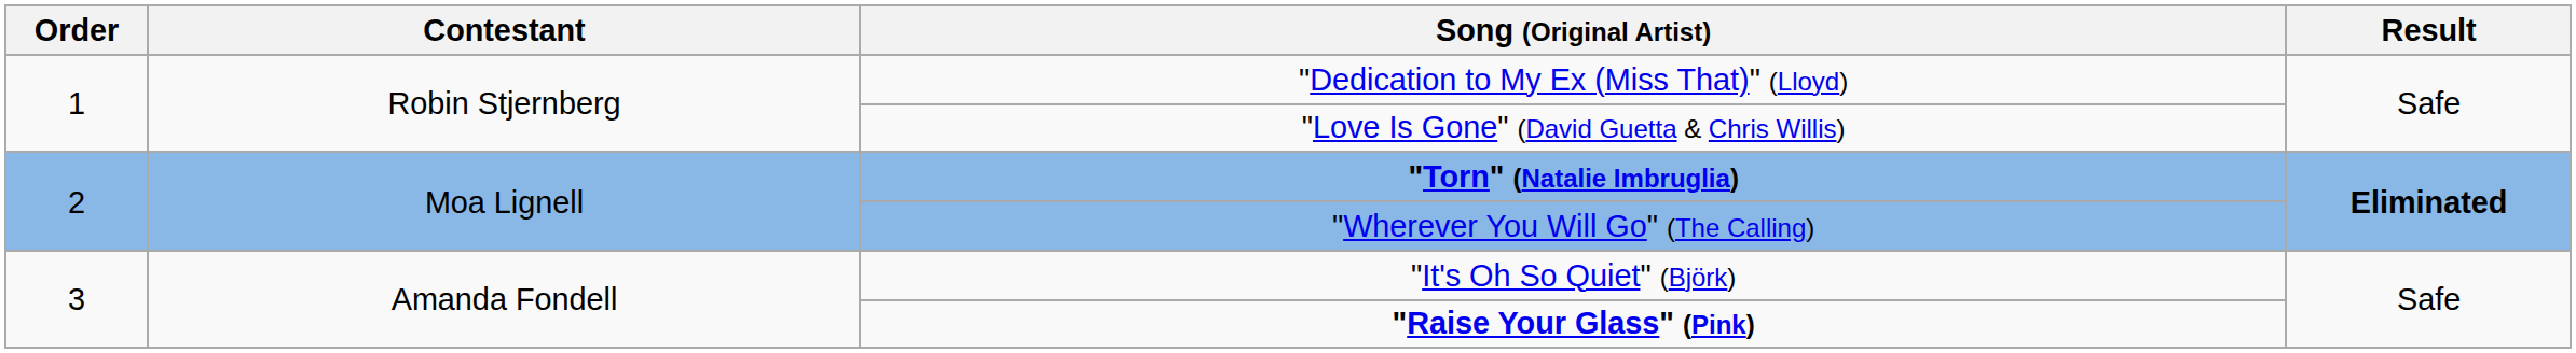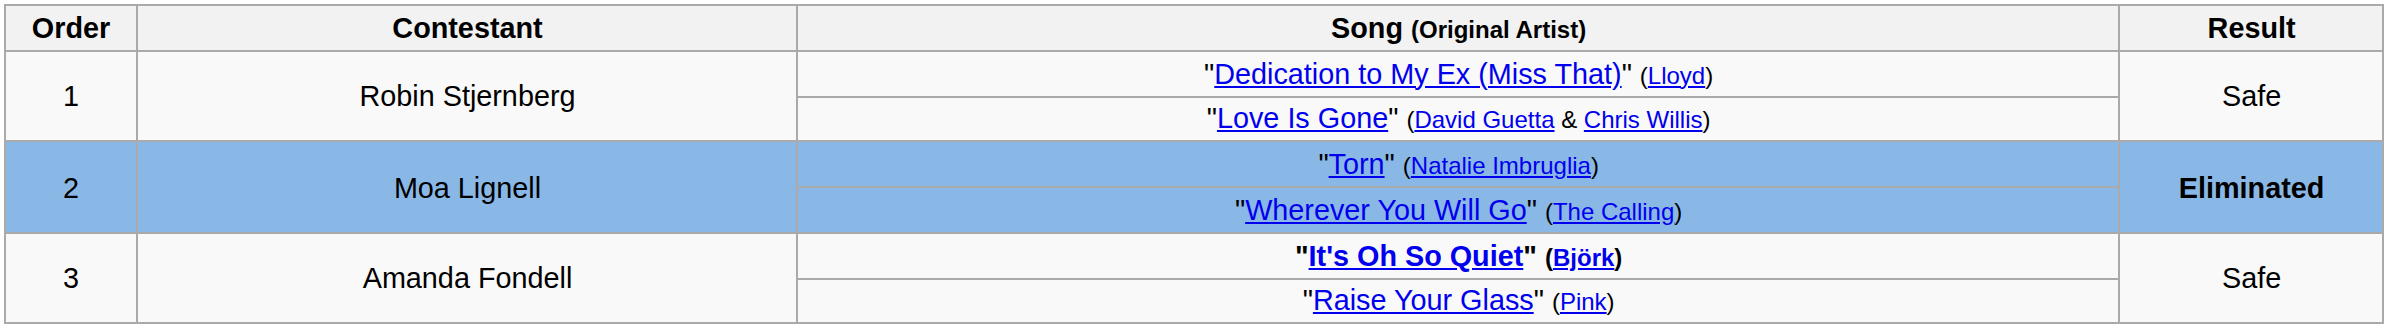 <table class="wikitable" style="font-size:90%; width:60%; text-align: center;">
 <tr>
 <th style="width:05%;">Order</th>
 <th style="width:25%;">Contestant</th>
 <th style="width:50%;">Song <small>(Original Artist)</small></th>
 <th style="width:10%;">Result</th>
 </tr>
 <tr>
 <td rowspan=2 style="text-align:center;">1</td>
 <td rowspan=2>Robin Stjernberg</td>
 <td>"<a href='#'>Dedication to My Ex (Miss That)</a>" <small>(<a href='#'>Lloyd</a>)</small></td>
 <td rowspan=2>Safe</td>
 </tr>
 <tr>
 <td>"<a href='#'>Love Is Gone</a>" <small>(<a href='#'>David Guetta</a> & <a href='#'>Chris Willis</a>)</small></td>
 </tr>
 <tr style="background:#8ab8e6;">
 <td rowspan=2 style="text-align:center;">2</td>
 <td rowspan=2>Moa Lignell</td>
-<td><strong>"<a href='#'>Torn</a>" <small>(<a href='#'>Natalie Imbruglia</a>)</small></strong></td>
+<td>"<a href='#'>Torn</a>" <small>(<a href='#'>Natalie Imbruglia</a>)</small></td>
 <td rowspan=2><strong>Eliminated</strong></td>
 </tr>
 <tr style="background:#8ab8e6;">
 <td>"<a href='#'>Wherever You Will Go</a>" <small>(<a href='#'>The Calling</a>)</small></td>
 </tr>
 <tr>
 <td rowspan=2 style="text-align:center;">3</td>
 <td rowspan=2>Amanda Fondell</td>
-<td>"<a href='#'>It's Oh So Quiet</a>" <small>(<a href='#'>Björk</a>)</small></td>
+<td><strong>"<a href='#'>It's Oh So Quiet</a>" <small>(<a href='#'>Björk</a>)</small></strong></td>
 <td rowspan=2>Safe</td>
 </tr>
 <tr>
-<td><strong>"<a href='#'>Raise Your Glass</a>" <small>(<a href='#'>Pink</a>)</small></strong></td>
+<td>"<a href='#'>Raise Your Glass</a>" <small>(<a href='#'>Pink</a>)</small></td>
 </tr>
 </table>
